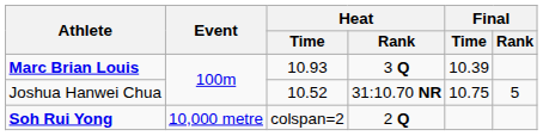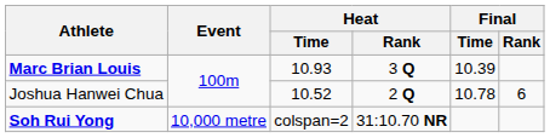 <table class="wikitable" style="font-size:90%; text-align:center">
 <tr>
 <th rowspan="2">Athlete</th>
 <th rowspan="2">Event</th>
 <th colspan="2">Heat</th>
 <th colspan="2">Final</th>
 </tr>
 <tr style="font-size:95%">
 <th>Time</th>
 <th>Rank</th>
 <th>Time</th>
 <th>Rank</th>
 </tr>
 <tr align="center">
 <td align="left"><strong><a href='#'>Marc Brian Louis</a></strong></td>
 <td rowspan="2"><a href='#'>100m</a></td>
 <td>10.93</td>
 <td>3 <strong>Q</strong></td>
 <td>10.39</td>
 <td></td>
 </tr>
 <tr align="center">
 <td align="left">Joshua Hanwei Chua</td>
 <td>10.52</td>
-<td>31:10.70 <strong>NR</strong></td>
-<td>10.75</td>
-<td>5</td>
+<td>2 <strong>Q</strong></td>
+<td>10.78</td>
+<td>6</td>
 </tr>
 <tr align="center">
 <td align="left"><strong><a href='#'>Soh Rui Yong</a></strong></td>
 <td><a href='#'>10,000 metre</a></td>
 <td>colspan=2 </td>
-<td>2 <strong>Q</strong></td>
+<td>31:10.70 <strong>NR</strong></td>
 <td></td>
 </tr>
 </table>
